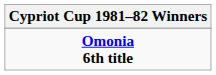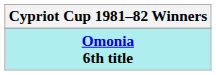 <table class="wikitable" style="text-align:center;margin: 0 auto;">
 <tr>
 <th>Cypriot Cup 1981–82 Winners</th>
 </tr>
 <tr>
 </tr>
 <tr>
-<td><strong><a href='#'>Omonia</a></strong><br><strong>6th title</strong></td>
+<td style="background: paleturquoise;"><strong><a href='#'>Omonia</a></strong><br><strong>6th title</strong></td>
 </tr>
 </table>
